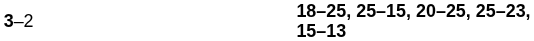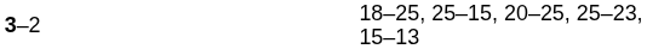 <table>
 <tr>
 <th width=200></th>
 <th width=80></th>
 <th width=200></th>
 <th width=220></th>
 </tr>
 <tr>
 <td align=right><strong></strong></td>
 <td align=center><strong>3</strong>–2</td>
 <td></td>
-<td><strong>18–25, 25–15, 20–25, 25–23, 15–13</strong></td>
+<td>18–25, 25–15, 20–25, 25–23, 15–13</td>
 </tr>
 </table>
